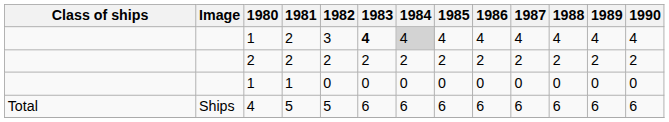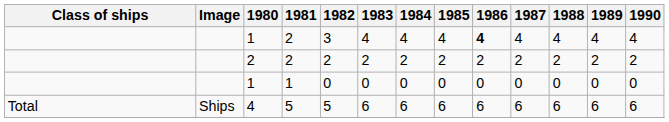 <table class="wikitable sortable collapsible collapsed">
 <tr>
 <th style="width:29%;">Class of ships</th>
 <th>Image</th>
 <th>1980</th>
 <th>1981</th>
 <th>1982</th>
 <th>1983</th>
 <th>1984</th>
 <th>1985</th>
 <th>1986</th>
 <th>1987</th>
 <th>1988</th>
 <th>1989</th>
 <th>1990</th>
 </tr>
 <tr valign="top">
 <td></td>
 <td></td>
 <td>1</td>
 <td>2</td>
 <td>3</td>
-<td><strong>4</strong></td>
-<td style="background: lightgrey;">4</td>
 <td>4</td>
 <td>4</td>
+<td>4</td>
+<td><strong>4</strong></td>
 <td>4</td>
 <td>4</td>
 <td>4</td>
 <td>4</td>
 </tr>
 <tr valign="top">
 <td></td>
 <td></td>
 <td>2</td>
 <td>2</td>
 <td>2</td>
 <td>2</td>
 <td>2</td>
 <td>2</td>
 <td>2</td>
 <td>2</td>
 <td>2</td>
 <td>2</td>
 <td>2</td>
 </tr>
 <tr valign="top">
 <td></td>
 <td></td>
 <td>1</td>
 <td>1</td>
 <td>0</td>
 <td>0</td>
 <td>0</td>
 <td>0</td>
 <td>0</td>
 <td>0</td>
 <td>0</td>
 <td>0</td>
 <td>0</td>
 </tr>
 <tr valign="top">
 <td>Total</td>
 <td>Ships</td>
 <td>4</td>
 <td>5</td>
 <td>5</td>
 <td>6</td>
 <td>6</td>
 <td>6</td>
 <td>6</td>
 <td>6</td>
 <td>6</td>
 <td>6</td>
 <td>6</td>
 </tr>
 <tr>
 </tr>
 </table>
